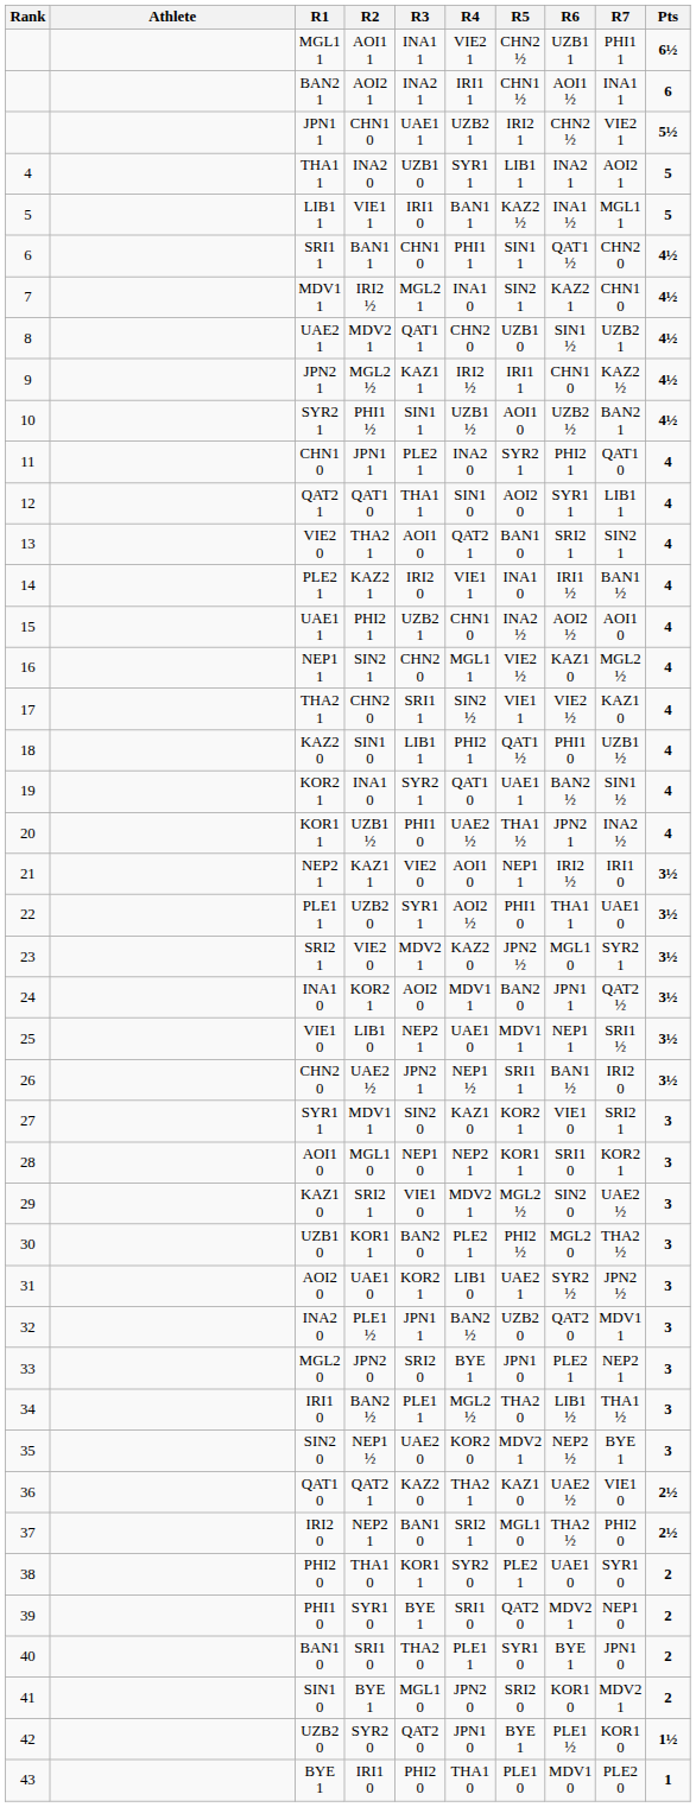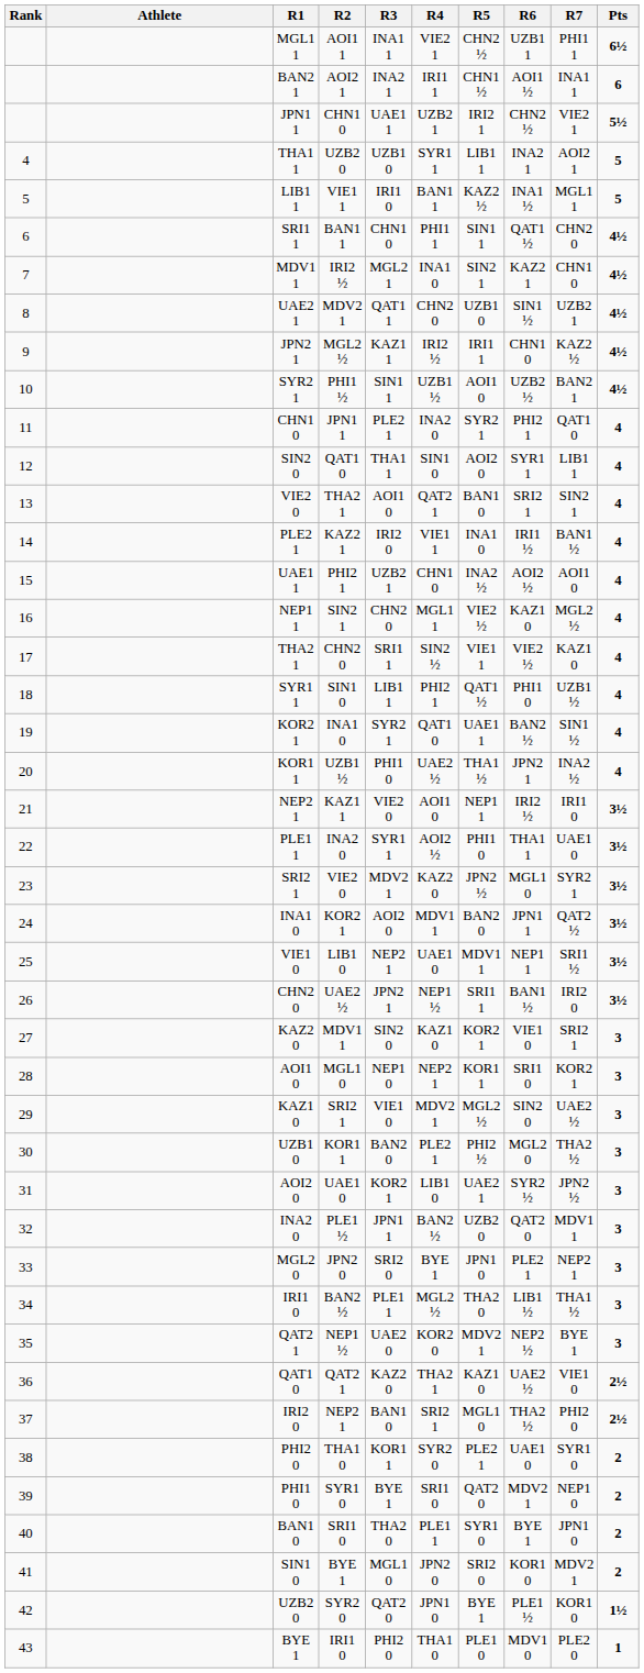 <table class=wikitable style="text-align:center">
 <tr>
 <th width=40>Rank</th>
 <th width=250>Athlete</th>
 <th width=40>R1</th>
 <th width=40>R2</th>
 <th width=40>R3</th>
 <th width=40>R4</th>
 <th width=40>R5</th>
 <th width=40>R6</th>
 <th width=40>R7</th>
 <th width=40>Pts</th>
 </tr>
 <tr>
 <td></td>
 <td align=left></td>
 <td>MGL1<br>1</td>
 <td>AOI1<br>1</td>
 <td>INA1<br>1</td>
 <td>VIE2<br>1</td>
 <td>CHN2<br>½</td>
 <td>UZB1<br>1</td>
 <td>PHI1<br>1</td>
 <td><strong>6½</strong></td>
 </tr>
 <tr>
 <td></td>
 <td align=left></td>
 <td>BAN2<br>1</td>
 <td>AOI2<br>1</td>
 <td>INA2<br>1</td>
 <td>IRI1<br>1</td>
 <td>CHN1<br>½</td>
 <td>AOI1<br>½</td>
 <td>INA1<br>1</td>
 <td><strong>6</strong></td>
 </tr>
 <tr>
 <td></td>
 <td align=left></td>
 <td>JPN1<br>1</td>
 <td>CHN1<br>0</td>
 <td>UAE1<br>1</td>
 <td>UZB2<br>1</td>
 <td>IRI2<br>1</td>
 <td>CHN2<br>½</td>
 <td>VIE2<br>1</td>
 <td><strong>5½</strong></td>
 </tr>
 <tr>
 <td>4</td>
 <td align=left></td>
 <td>THA1<br>1</td>
-<td>INA2<br>0</td>
+<td>UZB2<br>0</td>
 <td>UZB1<br>0</td>
 <td>SYR1<br>1</td>
 <td>LIB1<br>1</td>
 <td>INA2<br>1</td>
 <td>AOI2<br>1</td>
 <td><strong>5</strong></td>
 </tr>
 <tr>
 <td>5</td>
 <td align=left></td>
 <td>LIB1<br>1</td>
 <td>VIE1<br>1</td>
 <td>IRI1<br>0</td>
 <td>BAN1<br>1</td>
 <td>KAZ2<br>½</td>
 <td>INA1<br>½</td>
 <td>MGL1<br>1</td>
 <td><strong>5</strong></td>
 </tr>
 <tr>
 <td>6</td>
 <td align=left></td>
 <td>SRI1<br>1</td>
 <td>BAN1<br>1</td>
 <td>CHN1<br>0</td>
 <td>PHI1<br>1</td>
 <td>SIN1<br>1</td>
 <td>QAT1<br>½</td>
 <td>CHN2<br>0</td>
 <td><strong>4½</strong></td>
 </tr>
 <tr>
 <td>7</td>
 <td align=left></td>
 <td>MDV1<br>1</td>
 <td>IRI2<br>½</td>
 <td>MGL2<br>1</td>
 <td>INA1<br>0</td>
 <td>SIN2<br>1</td>
 <td>KAZ2<br>1</td>
 <td>CHN1<br>0</td>
 <td><strong>4½</strong></td>
 </tr>
 <tr>
 <td>8</td>
 <td align=left></td>
 <td>UAE2<br>1</td>
 <td>MDV2<br>1</td>
 <td>QAT1<br>1</td>
 <td>CHN2<br>0</td>
 <td>UZB1<br>0</td>
 <td>SIN1<br>½</td>
 <td>UZB2<br>1</td>
 <td><strong>4½</strong></td>
 </tr>
 <tr>
 <td>9</td>
 <td align=left></td>
 <td>JPN2<br>1</td>
 <td>MGL2<br>½</td>
 <td>KAZ1<br>1</td>
 <td>IRI2<br>½</td>
 <td>IRI1<br>1</td>
 <td>CHN1<br>0</td>
 <td>KAZ2<br>½</td>
 <td><strong>4½</strong></td>
 </tr>
 <tr>
 <td>10</td>
 <td align=left></td>
 <td>SYR2<br>1</td>
 <td>PHI1<br>½</td>
 <td>SIN1<br>1</td>
 <td>UZB1<br>½</td>
 <td>AOI1<br>0</td>
 <td>UZB2<br>½</td>
 <td>BAN2<br>1</td>
 <td><strong>4½</strong></td>
 </tr>
 <tr>
 <td>11</td>
 <td align=left></td>
 <td>CHN1<br>0</td>
 <td>JPN1<br>1</td>
 <td>PLE2<br>1</td>
 <td>INA2<br>0</td>
 <td>SYR2<br>1</td>
 <td>PHI2<br>1</td>
 <td>QAT1<br>0</td>
 <td><strong>4</strong></td>
 </tr>
 <tr>
 <td>12</td>
 <td align=left></td>
-<td>QAT2<br>1</td>
+<td>SIN2<br>0</td>
 <td>QAT1<br>0</td>
 <td>THA1<br>1</td>
 <td>SIN1<br>0</td>
 <td>AOI2<br>0</td>
 <td>SYR1<br>1</td>
 <td>LIB1<br>1</td>
 <td><strong>4</strong></td>
 </tr>
 <tr>
 <td>13</td>
 <td align=left></td>
 <td>VIE2<br>0</td>
 <td>THA2<br>1</td>
 <td>AOI1<br>0</td>
 <td>QAT2<br>1</td>
 <td>BAN1<br>0</td>
 <td>SRI2<br>1</td>
 <td>SIN2<br>1</td>
 <td><strong>4</strong></td>
 </tr>
 <tr>
 <td>14</td>
 <td align=left></td>
 <td>PLE2<br>1</td>
 <td>KAZ2<br>1</td>
 <td>IRI2<br>0</td>
 <td>VIE1<br>1</td>
 <td>INA1<br>0</td>
 <td>IRI1<br>½</td>
 <td>BAN1<br>½</td>
 <td><strong>4</strong></td>
 </tr>
 <tr>
 <td>15</td>
 <td align=left></td>
 <td>UAE1<br>1</td>
 <td>PHI2<br>1</td>
 <td>UZB2<br>1</td>
 <td>CHN1<br>0</td>
 <td>INA2<br>½</td>
 <td>AOI2<br>½</td>
 <td>AOI1<br>0</td>
 <td><strong>4</strong></td>
 </tr>
 <tr>
 <td>16</td>
 <td align=left></td>
 <td>NEP1<br>1</td>
 <td>SIN2<br>1</td>
 <td>CHN2<br>0</td>
 <td>MGL1<br>1</td>
 <td>VIE2<br>½</td>
 <td>KAZ1<br>0</td>
 <td>MGL2<br>½</td>
 <td><strong>4</strong></td>
 </tr>
 <tr>
 <td>17</td>
 <td align=left></td>
 <td>THA2<br>1</td>
 <td>CHN2<br>0</td>
 <td>SRI1<br>1</td>
 <td>SIN2<br>½</td>
 <td>VIE1<br>1</td>
 <td>VIE2<br>½</td>
 <td>KAZ1<br>0</td>
 <td><strong>4</strong></td>
 </tr>
 <tr>
 <td>18</td>
 <td align=left></td>
-<td>KAZ2<br>0</td>
+<td>SYR1<br>1</td>
 <td>SIN1<br>0</td>
 <td>LIB1<br>1</td>
 <td>PHI2<br>1</td>
 <td>QAT1<br>½</td>
 <td>PHI1<br>0</td>
 <td>UZB1<br>½</td>
 <td><strong>4</strong></td>
 </tr>
 <tr>
 <td>19</td>
 <td align=left></td>
 <td>KOR2<br>1</td>
 <td>INA1<br>0</td>
 <td>SYR2<br>1</td>
 <td>QAT1<br>0</td>
 <td>UAE1<br>1</td>
 <td>BAN2<br>½</td>
 <td>SIN1<br>½</td>
 <td><strong>4</strong></td>
 </tr>
 <tr>
 <td>20</td>
 <td align=left></td>
 <td>KOR1<br>1</td>
 <td>UZB1<br>½</td>
 <td>PHI1<br>0</td>
 <td>UAE2<br>½</td>
 <td>THA1<br>½</td>
 <td>JPN2<br>1</td>
 <td>INA2<br>½</td>
 <td><strong>4</strong></td>
 </tr>
 <tr>
 <td>21</td>
 <td align=left></td>
 <td>NEP2<br>1</td>
 <td>KAZ1<br>1</td>
 <td>VIE2<br>0</td>
 <td>AOI1<br>0</td>
 <td>NEP1<br>1</td>
 <td>IRI2<br>½</td>
 <td>IRI1<br>0</td>
 <td><strong>3½</strong></td>
 </tr>
 <tr>
 <td>22</td>
 <td align=left></td>
 <td>PLE1<br>1</td>
-<td>UZB2<br>0</td>
+<td>INA2<br>0</td>
 <td>SYR1<br>1</td>
 <td>AOI2<br>½</td>
 <td>PHI1<br>0</td>
 <td>THA1<br>1</td>
 <td>UAE1<br>0</td>
 <td><strong>3½</strong></td>
 </tr>
 <tr>
 <td>23</td>
 <td align=left></td>
 <td>SRI2<br>1</td>
 <td>VIE2<br>0</td>
 <td>MDV2<br>1</td>
 <td>KAZ2<br>0</td>
 <td>JPN2<br>½</td>
 <td>MGL1<br>0</td>
 <td>SYR2<br>1</td>
 <td><strong>3½</strong></td>
 </tr>
 <tr>
 <td>24</td>
 <td align=left></td>
 <td>INA1<br>0</td>
 <td>KOR2<br>1</td>
 <td>AOI2<br>0</td>
 <td>MDV1<br>1</td>
 <td>BAN2<br>0</td>
 <td>JPN1<br>1</td>
 <td>QAT2<br>½</td>
 <td><strong>3½</strong></td>
 </tr>
 <tr>
 <td>25</td>
 <td align=left></td>
 <td>VIE1<br>0</td>
 <td>LIB1<br>0</td>
 <td>NEP2<br>1</td>
 <td>UAE1<br>0</td>
 <td>MDV1<br>1</td>
 <td>NEP1<br>1</td>
 <td>SRI1<br>½</td>
 <td><strong>3½</strong></td>
 </tr>
 <tr>
 <td>26</td>
 <td align=left></td>
 <td>CHN2<br>0</td>
 <td>UAE2<br>½</td>
 <td>JPN2<br>1</td>
 <td>NEP1<br>½</td>
 <td>SRI1<br>1</td>
 <td>BAN1<br>½</td>
 <td>IRI2<br>0</td>
 <td><strong>3½</strong></td>
 </tr>
 <tr>
 <td>27</td>
 <td align=left></td>
-<td>SYR1<br>1</td>
+<td>KAZ2<br>0</td>
 <td>MDV1<br>1</td>
 <td>SIN2<br>0</td>
 <td>KAZ1<br>0</td>
 <td>KOR2<br>1</td>
 <td>VIE1<br>0</td>
 <td>SRI2<br>1</td>
 <td><strong>3</strong></td>
 </tr>
 <tr>
 <td>28</td>
 <td align=left></td>
 <td>AOI1<br>0</td>
 <td>MGL1<br>0</td>
 <td>NEP1<br>0</td>
 <td>NEP2<br>1</td>
 <td>KOR1<br>1</td>
 <td>SRI1<br>0</td>
 <td>KOR2<br>1</td>
 <td><strong>3</strong></td>
 </tr>
 <tr>
 <td>29</td>
 <td align=left></td>
 <td>KAZ1<br>0</td>
 <td>SRI2<br>1</td>
 <td>VIE1<br>0</td>
 <td>MDV2<br>1</td>
 <td>MGL2<br>½</td>
 <td>SIN2<br>0</td>
 <td>UAE2<br>½</td>
 <td><strong>3</strong></td>
 </tr>
 <tr>
 <td>30</td>
 <td align=left></td>
 <td>UZB1<br>0</td>
 <td>KOR1<br>1</td>
 <td>BAN2<br>0</td>
 <td>PLE2<br>1</td>
 <td>PHI2<br>½</td>
 <td>MGL2<br>0</td>
 <td>THA2<br>½</td>
 <td><strong>3</strong></td>
 </tr>
 <tr>
 <td>31</td>
 <td align=left></td>
 <td>AOI2<br>0</td>
 <td>UAE1<br>0</td>
 <td>KOR2<br>1</td>
 <td>LIB1<br>0</td>
 <td>UAE2<br>1</td>
 <td>SYR2<br>½</td>
 <td>JPN2<br>½</td>
 <td><strong>3</strong></td>
 </tr>
 <tr>
 <td>32</td>
 <td align=left></td>
 <td>INA2<br>0</td>
 <td>PLE1<br>½</td>
 <td>JPN1<br>1</td>
 <td>BAN2<br>½</td>
 <td>UZB2<br>0</td>
 <td>QAT2<br>0</td>
 <td>MDV1<br>1</td>
 <td><strong>3</strong></td>
 </tr>
 <tr>
 <td>33</td>
 <td align=left></td>
 <td>MGL2<br>0</td>
 <td>JPN2<br>0</td>
 <td>SRI2<br>0</td>
 <td>BYE<br>1</td>
 <td>JPN1<br>0</td>
 <td>PLE2<br>1</td>
 <td>NEP2<br>1</td>
 <td><strong>3</strong></td>
 </tr>
 <tr>
 <td>34</td>
 <td align=left></td>
 <td>IRI1<br>0</td>
 <td>BAN2<br>½</td>
 <td>PLE1<br>1</td>
 <td>MGL2<br>½</td>
 <td>THA2<br>0</td>
 <td>LIB1<br>½</td>
 <td>THA1<br>½</td>
 <td><strong>3</strong></td>
 </tr>
 <tr>
 <td>35</td>
 <td align=left></td>
-<td>SIN2<br>0</td>
+<td>QAT2<br>1</td>
 <td>NEP1<br>½</td>
 <td>UAE2<br>0</td>
 <td>KOR2<br>0</td>
 <td>MDV2<br>1</td>
 <td>NEP2<br>½</td>
 <td>BYE<br>1</td>
 <td><strong>3</strong></td>
 </tr>
 <tr>
 <td>36</td>
 <td align=left></td>
 <td>QAT1<br>0</td>
 <td>QAT2<br>1</td>
 <td>KAZ2<br>0</td>
 <td>THA2<br>1</td>
 <td>KAZ1<br>0</td>
 <td>UAE2<br>½</td>
 <td>VIE1<br>0</td>
 <td><strong>2½</strong></td>
 </tr>
 <tr>
 <td>37</td>
 <td align=left></td>
 <td>IRI2<br>0</td>
 <td>NEP2<br>1</td>
 <td>BAN1<br>0</td>
 <td>SRI2<br>1</td>
 <td>MGL1<br>0</td>
 <td>THA2<br>½</td>
 <td>PHI2<br>0</td>
 <td><strong>2½</strong></td>
 </tr>
 <tr>
 <td>38</td>
 <td align=left></td>
 <td>PHI2<br>0</td>
 <td>THA1<br>0</td>
 <td>KOR1<br>1</td>
 <td>SYR2<br>0</td>
 <td>PLE2<br>1</td>
 <td>UAE1<br>0</td>
 <td>SYR1<br>0</td>
 <td><strong>2</strong></td>
 </tr>
 <tr>
 <td>39</td>
 <td align=left></td>
 <td>PHI1<br>0</td>
 <td>SYR1<br>0</td>
 <td>BYE<br>1</td>
 <td>SRI1<br>0</td>
 <td>QAT2<br>0</td>
 <td>MDV2<br>1</td>
 <td>NEP1<br>0</td>
 <td><strong>2</strong></td>
 </tr>
 <tr>
 <td>40</td>
 <td align=left></td>
 <td>BAN1<br>0</td>
 <td>SRI1<br>0</td>
 <td>THA2<br>0</td>
 <td>PLE1<br>1</td>
 <td>SYR1<br>0</td>
 <td>BYE<br>1</td>
 <td>JPN1<br>0</td>
 <td><strong>2</strong></td>
 </tr>
 <tr>
 <td>41</td>
 <td align=left></td>
 <td>SIN1<br>0</td>
 <td>BYE<br>1</td>
 <td>MGL1<br>0</td>
 <td>JPN2<br>0</td>
 <td>SRI2<br>0</td>
 <td>KOR1<br>0</td>
 <td>MDV2<br>1</td>
 <td><strong>2</strong></td>
 </tr>
 <tr>
 <td>42</td>
 <td align=left></td>
 <td>UZB2<br>0</td>
 <td>SYR2<br>0</td>
 <td>QAT2<br>0</td>
 <td>JPN1<br>0</td>
 <td>BYE<br>1</td>
 <td>PLE1<br>½</td>
 <td>KOR1<br>0</td>
 <td><strong>1½</strong></td>
 </tr>
 <tr>
 <td>43</td>
 <td align=left></td>
 <td>BYE<br>1</td>
 <td>IRI1<br>0</td>
 <td>PHI2<br>0</td>
 <td>THA1<br>0</td>
 <td>PLE1<br>0</td>
 <td>MDV1<br>0</td>
 <td>PLE2<br>0</td>
 <td><strong>1</strong></td>
 </tr>
 </table>
